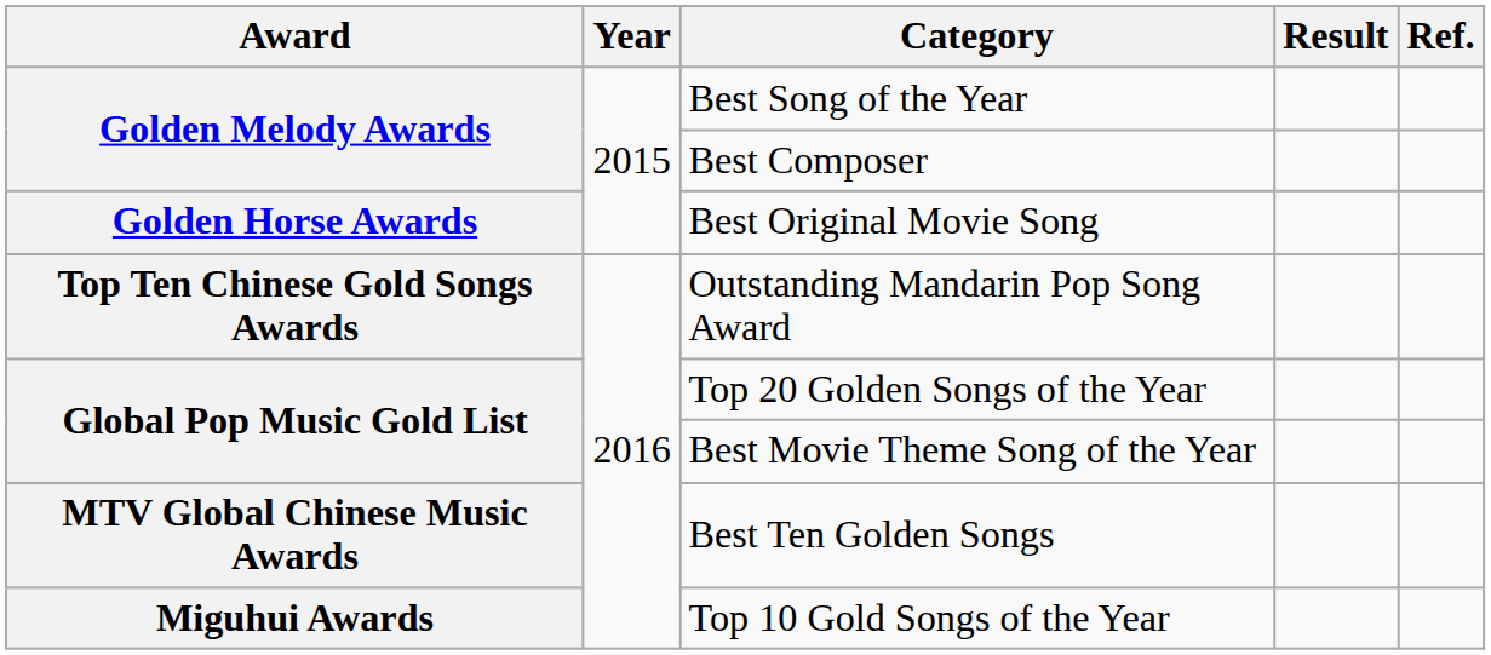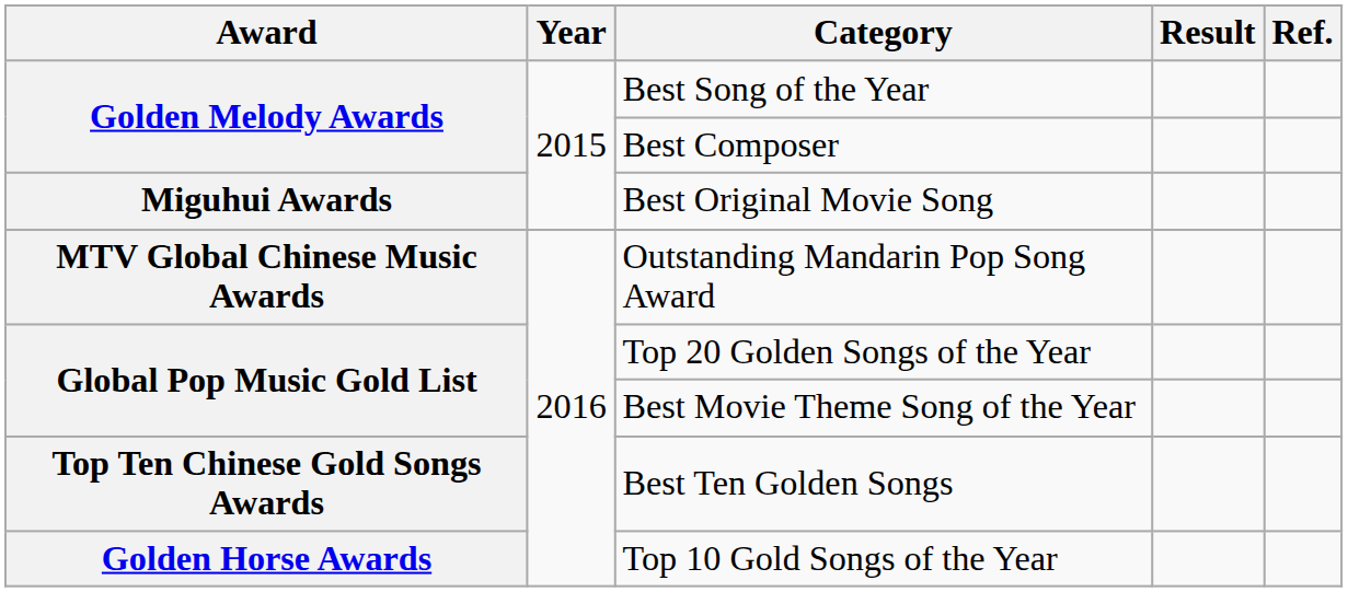 <table class="wikitable sortable plainrowheaders">
 <tr>
 <th>Award</th>
 <th>Year</th>
 <th>Category</th>
 <th>Result</th>
 <th class="unsortable">Ref.</th>
 </tr>
 <tr>
 <th scope="row" rowspan="2"><a href='#'>Golden Melody Awards</a></th>
 <td rowspan="3">2015</td>
 <td>Best Song of the Year</td>
 <td></td>
 <td rowspan="1" style="text-align:center"></td>
 </tr>
 <tr>
 <td>Best Composer</td>
 <td></td>
 </tr>
 <tr>
-<th scope="row"><a href='#'>Golden Horse Awards</a></th>
+<th scope="row">Miguhui Awards</th>
 <td>Best Original Movie Song</td>
 <td></td>
 <td style="text-align:center"></td>
 </tr>
 <tr>
-<th scope="row">Top Ten Chinese Gold Songs Awards</th>
+<th scope="row">MTV Global Chinese Music Awards</th>
 <td rowspan="6">2016</td>
 <td>Outstanding Mandarin Pop Song Award</td>
 <td></td>
 <td style="text-align:center"></td>
 </tr>
 <tr>
 <th scope="row" rowspan="2">Global Pop Music Gold List</th>
 <td>Top 20 Golden Songs of the Year</td>
 <td></td>
 <td style="text-align:center"></td>
 </tr>
 <tr>
 <td>Best Movie Theme Song of the Year</td>
 <td></td>
 <td style="text-align:center"></td>
 </tr>
 <tr>
-<th scope="row">MTV Global Chinese Music Awards</th>
+<th scope="row">Top Ten Chinese Gold Songs Awards</th>
 <td>Best Ten Golden Songs</td>
 <td></td>
 <td style="text-align:center"></td>
 </tr>
 <tr>
-<th scope="row">Miguhui Awards</th>
+<th scope="row"><a href='#'>Golden Horse Awards</a></th>
 <td>Top 10 Gold Songs of the Year</td>
 <td></td>
 <td style="text-align:center"></td>
 </tr>
 </table>
